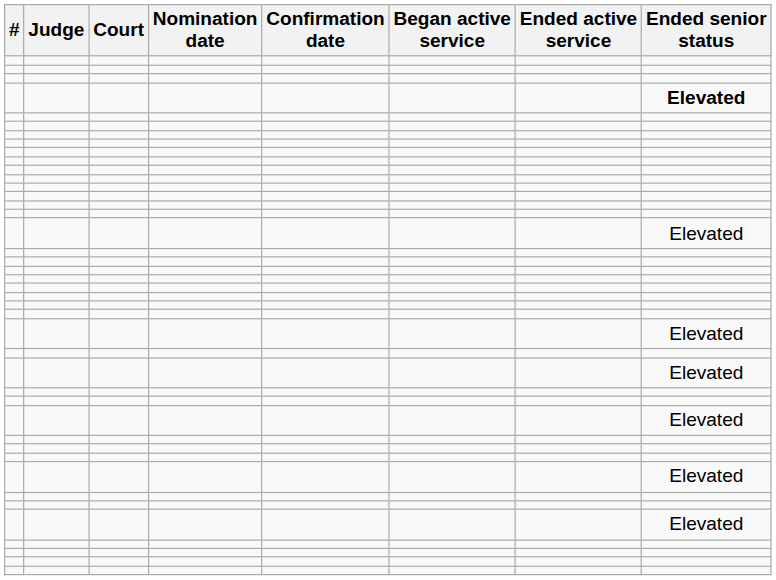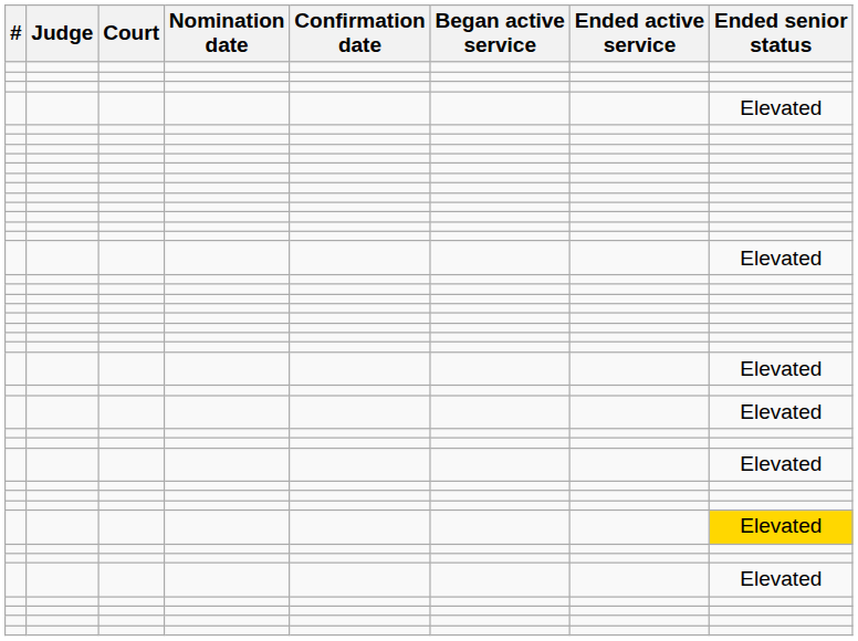 <table class="sortable wikitable">
 <tr bgcolor="#ececec">
 <th>#</th>
 <th>Judge</th>
 <th>Court<br></th>
 <th>Nomination<br>date</th>
 <th>Confirmation<br>date</th>
 <th>Began active<br>service</th>
 <th>Ended active<br>service</th>
 <th>Ended senior<br>status</th>
 </tr>
 <tr>
 <td></td>
 <td></td>
 <td></td>
 <td></td>
 <td></td>
 <td></td>
 <td></td>
 <td align="center"></td>
 </tr>
 <tr>
 <td></td>
 <td></td>
 <td></td>
 <td></td>
 <td></td>
 <td></td>
 <td></td>
 <td></td>
 </tr>
 <tr>
 <td></td>
 <td></td>
 <td></td>
 <td></td>
 <td></td>
 <td></td>
 <td></td>
 <td align="center"></td>
 </tr>
 <tr>
 <td></td>
 <td></td>
 <td></td>
 <td></td>
 <td></td>
 <td></td>
 <td></td>
-<td align="center"><strong>Elevated</strong></td>
+<td align="center">Elevated</td>
 </tr>
 <tr>
 <td></td>
 <td></td>
 <td></td>
 <td></td>
 <td></td>
 <td></td>
 <td></td>
 <td align="center"></td>
 </tr>
 <tr>
 <td></td>
 <td></td>
 <td></td>
 <td></td>
 <td></td>
 <td></td>
 <td></td>
 <td></td>
 </tr>
 <tr>
 <td></td>
 <td></td>
 <td></td>
 <td></td>
 <td></td>
 <td></td>
 <td></td>
 <td></td>
 </tr>
 <tr>
 <td></td>
 <td></td>
 <td></td>
 <td></td>
 <td></td>
 <td></td>
 <td></td>
 <td></td>
 </tr>
 <tr>
 <td></td>
 <td></td>
 <td></td>
 <td></td>
 <td></td>
 <td></td>
 <td></td>
 <td></td>
 </tr>
 <tr>
 <td></td>
 <td></td>
 <td></td>
 <td></td>
 <td></td>
 <td></td>
 <td></td>
 <td></td>
 </tr>
 <tr>
 <td></td>
 <td></td>
 <td></td>
 <td></td>
 <td></td>
 <td></td>
 <td></td>
 <td></td>
 </tr>
 <tr>
 <td></td>
 <td></td>
 <td></td>
 <td></td>
 <td></td>
 <td></td>
 <td></td>
 <td></td>
 </tr>
 <tr>
 <td></td>
 <td></td>
 <td></td>
 <td></td>
 <td></td>
 <td></td>
 <td></td>
 <td align="center"></td>
 </tr>
 <tr>
 <td></td>
 <td></td>
 <td></td>
 <td></td>
 <td></td>
 <td></td>
 <td></td>
 <td></td>
 </tr>
 <tr>
 <td></td>
 <td></td>
 <td></td>
 <td></td>
 <td></td>
 <td></td>
 <td></td>
 <td></td>
 </tr>
 <tr>
 <td></td>
 <td></td>
 <td></td>
 <td></td>
 <td></td>
 <td></td>
 <td></td>
 <td></td>
 </tr>
 <tr>
 <td></td>
 <td></td>
 <td></td>
 <td></td>
 <td></td>
 <td></td>
 <td></td>
 <td align="center">Elevated</td>
 </tr>
 <tr>
 <td></td>
 <td></td>
 <td></td>
 <td></td>
 <td></td>
 <td></td>
 <td></td>
 <td align="center"></td>
 </tr>
 <tr>
 <td></td>
 <td></td>
 <td></td>
 <td></td>
 <td></td>
 <td></td>
 <td></td>
 <td align="center"></td>
 </tr>
 <tr>
 <td></td>
 <td></td>
 <td></td>
 <td></td>
 <td></td>
 <td></td>
 <td></td>
 <td align="center"></td>
 </tr>
 <tr>
 <td></td>
 <td></td>
 <td></td>
 <td></td>
 <td></td>
 <td></td>
 <td></td>
 <td align="center"></td>
 </tr>
 <tr>
 <td></td>
 <td></td>
 <td></td>
 <td></td>
 <td></td>
 <td></td>
 <td></td>
 <td></td>
 </tr>
 <tr>
 <td></td>
 <td></td>
 <td></td>
 <td></td>
 <td></td>
 <td></td>
 <td></td>
 <td align="center"></td>
 </tr>
 <tr>
 <td></td>
 <td></td>
 <td></td>
 <td></td>
 <td></td>
 <td></td>
 <td></td>
 <td></td>
 </tr>
 <tr>
 <td></td>
 <td></td>
 <td></td>
 <td></td>
 <td></td>
 <td></td>
 <td></td>
 <td align="center"></td>
 </tr>
 <tr>
 <td></td>
 <td></td>
 <td></td>
 <td></td>
 <td></td>
 <td></td>
 <td></td>
 <td align="center">Elevated</td>
 </tr>
 <tr>
 <td></td>
 <td></td>
 <td></td>
 <td></td>
 <td></td>
 <td></td>
 <td></td>
 <td align="center"></td>
 </tr>
 <tr>
 <td></td>
 <td></td>
 <td></td>
 <td></td>
 <td></td>
 <td></td>
 <td></td>
 <td align="center">Elevated</td>
 </tr>
 <tr>
 <td></td>
 <td></td>
 <td></td>
 <td></td>
 <td></td>
 <td></td>
 <td></td>
 <td></td>
 </tr>
 <tr>
 <td></td>
 <td></td>
 <td></td>
 <td></td>
 <td></td>
 <td></td>
 <td></td>
 <td align="center"></td>
 </tr>
 <tr>
 <td></td>
 <td></td>
 <td></td>
 <td></td>
 <td></td>
 <td></td>
 <td></td>
 <td align="center">Elevated</td>
 </tr>
 <tr>
 <td></td>
 <td></td>
 <td></td>
 <td></td>
 <td></td>
 <td></td>
 <td></td>
 <td></td>
 </tr>
 <tr>
 <td></td>
 <td></td>
 <td></td>
 <td></td>
 <td></td>
 <td></td>
 <td></td>
 <td align="center"></td>
 </tr>
 <tr>
 <td></td>
 <td></td>
 <td></td>
 <td></td>
 <td></td>
 <td></td>
 <td></td>
 <td align="center"></td>
 </tr>
 <tr>
 <td></td>
 <td></td>
 <td></td>
 <td></td>
 <td></td>
 <td></td>
 <td></td>
-<td align="center">Elevated</td>
+<td align="center" style="background: gold;">Elevated</td>
 </tr>
 <tr>
 <td></td>
 <td></td>
 <td></td>
 <td></td>
 <td></td>
 <td></td>
 <td></td>
 <td align="center"></td>
 </tr>
 <tr>
 <td></td>
 <td></td>
 <td></td>
 <td></td>
 <td></td>
 <td></td>
 <td></td>
 <td align="center"></td>
 </tr>
 <tr>
 <td></td>
 <td></td>
 <td></td>
 <td></td>
 <td></td>
 <td></td>
 <td></td>
 <td align="center">Elevated</td>
 </tr>
 <tr>
 <td></td>
 <td></td>
 <td></td>
 <td align="center"></td>
 <td align="center"></td>
 <td></td>
 <td></td>
 <td></td>
 </tr>
 <tr>
 <td></td>
 <td></td>
 <td></td>
 <td align="center"></td>
 <td align="center"></td>
 <td></td>
 <td></td>
 <td></td>
 </tr>
 <tr>
 <td></td>
 <td></td>
 <td></td>
 <td align="center"></td>
 <td align="center"></td>
 <td></td>
 <td></td>
 <td align="center"></td>
 </tr>
 <tr>
 <td></td>
 <td></td>
 <td></td>
 <td></td>
 <td></td>
 <td></td>
 <td></td>
 <td></td>
 </tr>
 </table>
